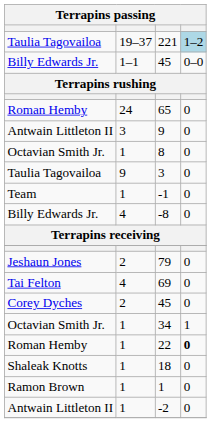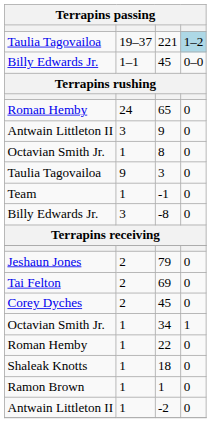 <table class="wikitable plainrowheaders">
 <tr>
 <th colspan="6">Terrapins passing</th>
 </tr>
 <tr>
 <th scope="col"></th>
 <th scope="col"></th>
 <th scope="col"></th>
 <th scope="col"></th>
 </tr>
 <tr>
 <td><a href='#'>Taulia Tagovailoa</a></td>
 <td>19–37</td>
 <td>221</td>
 <td style="background: lightblue;">1–2</td>
 </tr>
 <tr>
 <td><a href='#'>Billy Edwards Jr.</a></td>
 <td>1–1</td>
 <td>45</td>
 <td>0–0</td>
 </tr>
 <tr>
 <th colspan="6">Terrapins rushing</th>
 </tr>
 <tr>
 <th scope="col"></th>
 <th scope="col"></th>
 <th scope="col"></th>
 <th scope="col"></th>
 </tr>
 <tr>
 <td><a href='#'>Roman Hemby</a></td>
 <td>24</td>
 <td>65</td>
 <td>0</td>
 </tr>
 <tr>
 <td>Antwain Littleton II</td>
 <td>3</td>
 <td>9</td>
 <td>0</td>
 </tr>
 <tr>
 <td>Octavian Smith Jr.</td>
 <td>1</td>
 <td>8</td>
 <td>0</td>
 </tr>
 <tr>
 <td>Taulia Tagovailoa</td>
 <td>9</td>
 <td>3</td>
 <td>0</td>
 </tr>
 <tr>
 <td>Team</td>
 <td>1</td>
 <td>-1</td>
 <td>0</td>
 </tr>
 <tr>
 <td>Billy Edwards Jr.</td>
-<td>4</td>
+<td>3</td>
 <td>-8</td>
 <td>0</td>
 </tr>
 <tr>
 <th colspan="6">Terrapins receiving</th>
 </tr>
 <tr>
 </tr>
 <tr>
 <th scope="col"></th>
 <th scope="col"></th>
 <th scope="col"></th>
 <th scope="col"></th>
 </tr>
 <tr>
 <td><a href='#'>Jeshaun Jones</a></td>
 <td>2</td>
 <td>79</td>
 <td>0</td>
 </tr>
 <tr>
 <td><a href='#'>Tai Felton</a></td>
-<td>4</td>
+<td>2</td>
 <td>69</td>
 <td>0</td>
 </tr>
 <tr>
 <td><a href='#'>Corey Dyches</a></td>
 <td>2</td>
 <td>45</td>
 <td>0</td>
 </tr>
 <tr>
 <td>Octavian Smith Jr.</td>
 <td>1</td>
 <td>34</td>
 <td>1</td>
 </tr>
 <tr>
 <td>Roman Hemby</td>
 <td>1</td>
 <td>22</td>
-<td><strong>0</strong></td>
+<td>0</td>
 </tr>
 <tr>
 <td>Shaleak Knotts</td>
 <td>1</td>
 <td>18</td>
 <td>0</td>
 </tr>
 <tr>
 <td>Ramon Brown</td>
 <td>1</td>
 <td>1</td>
 <td>0</td>
 </tr>
 <tr>
 <td>Antwain Littleton II</td>
 <td>1</td>
 <td>-2</td>
 <td>0</td>
 </tr>
 <tr>
 </tr>
 </table>
